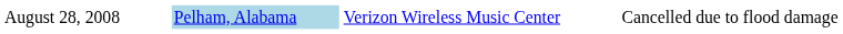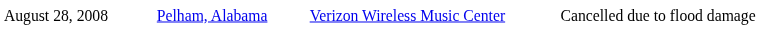 <table cellpadding="2" style="border:0 solid darkgrey;">
 <tr>
 <th style="width:150px;"></th>
 <th style="width:150px;"></th>
 <th style="width:250px;"></th>
 <th style="width:250px;"></th>
 </tr>
 <tr border="0">
 <td>August 28, 2008</td>
-<td style="background: lightblue;"><a href='#'>Pelham, Alabama</a></td>
+<td><a href='#'>Pelham, Alabama</a></td>
 <td><a href='#'>Verizon Wireless Music Center</a></td>
 <td>Cancelled due to flood damage</td>
 </tr>
 </table>
